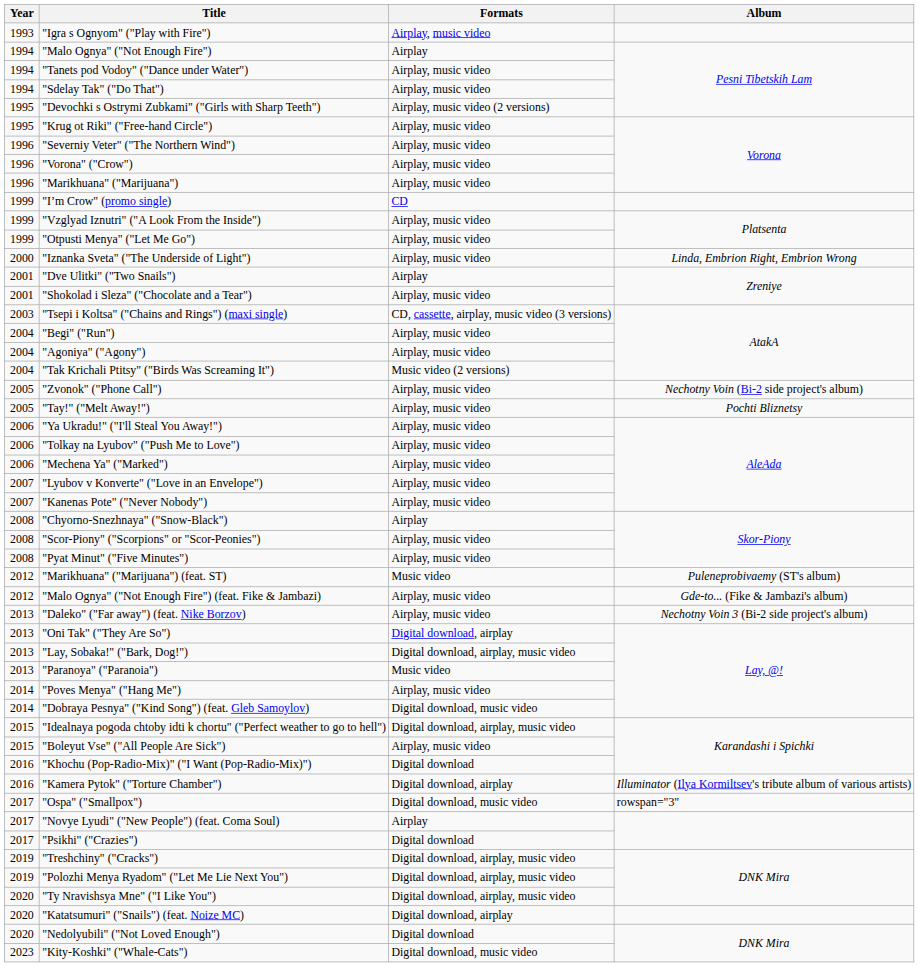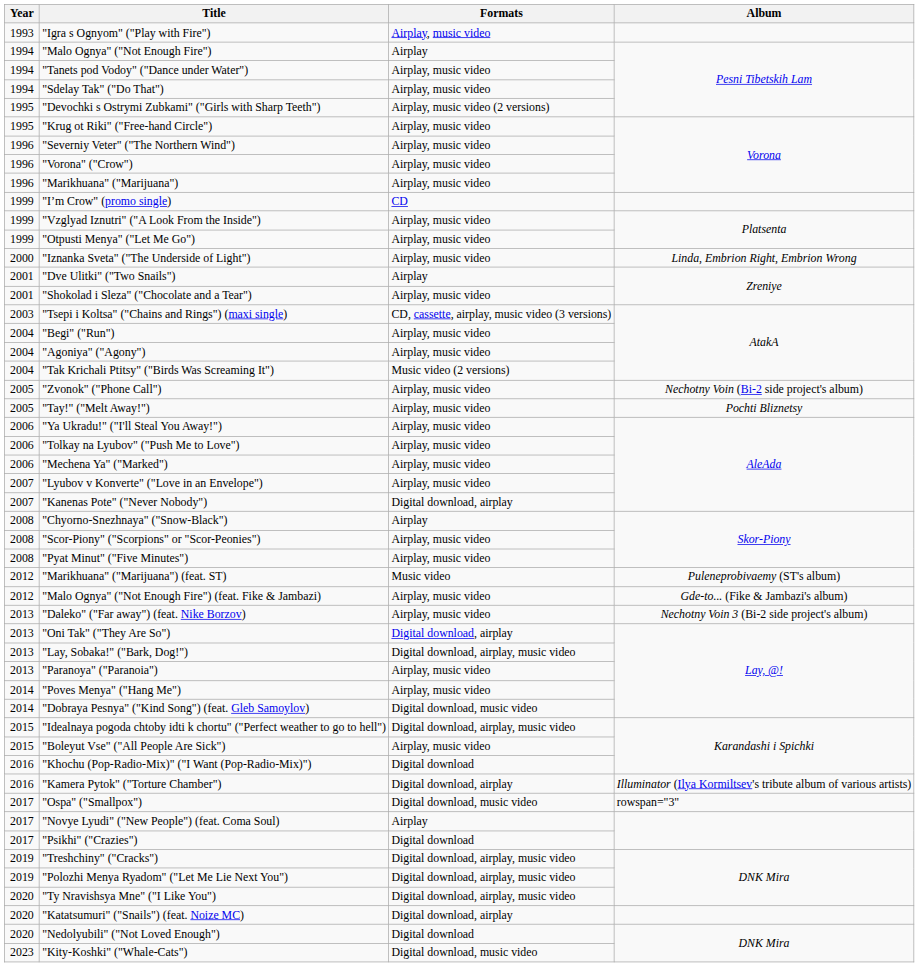 <table class="wikitable">
 <tr>
 <th align="center" valign="top" width="40">Year</th>
 <th align="left" valign="top">Title</th>
 <th align="left" valign="top">Formats</th>
 <th align="left" valign="top">Album</th>
 </tr>
 <tr>
 <td align="center" valign="center">1993</td>
 <td valign="top">"Igra s Ognyom" ("Play with Fire")</td>
 <td><a href='#'>Airplay</a>, <a href='#'>music video</a></td>
 <td></td>
 </tr>
 <tr>
 <td align="center" valign="center">1994</td>
 <td valign="top">"Malo Ognya" ("Not Enough Fire")</td>
 <td>Airplay</td>
 <td rowspan="4" align="center" valign="center"><em><a href='#'>Pesni Tibetskih Lam</a></em></td>
 </tr>
 <tr>
 <td align="center" valign="center">1994</td>
 <td valign="top">"Tanets pod Vodoy" ("Dance under Water")</td>
 <td>Airplay, music video</td>
 </tr>
 <tr>
 <td align="center" valign="center">1994</td>
 <td valign="top">"Sdelay Tak" ("Do That")</td>
 <td>Airplay, music video</td>
 </tr>
 <tr>
 <td align="center" valign="center">1995</td>
 <td valign="top">"Devochki s Ostrymi Zubkami" ("Girls with Sharp Teeth")</td>
 <td>Airplay, music video (2 versions)</td>
 </tr>
 <tr>
 <td align="center" valign="center">1995</td>
 <td valign="top">"Krug ot Riki" ("Free-hand Circle")</td>
 <td>Airplay, music video</td>
 <td rowspan="4" align="center" valign="center"><em><a href='#'>Vorona</a></em></td>
 </tr>
 <tr>
 <td align="center" valign="center">1996</td>
 <td valign="top">"Severniy Veter" ("The Northern Wind")</td>
 <td>Airplay, music video</td>
 </tr>
 <tr>
 <td align="center" valign="center">1996</td>
 <td valign="top">"Vorona" ("Crow")</td>
 <td>Airplay, music video</td>
 </tr>
 <tr>
 <td align="center" valign="center">1996</td>
 <td valign="top">"Marikhuana" ("Marijuana")</td>
 <td>Airplay, music video</td>
 </tr>
 <tr>
 <td align="center" valign="center">1999</td>
 <td valign="top">"I’m Crow" (<a href='#'>promo single</a>)</td>
 <td><a href='#'>CD</a></td>
 <td></td>
 </tr>
 <tr>
 <td align="center" valign="center">1999</td>
 <td valign="top">"Vzglyad Iznutri" ("A Look From the Inside")</td>
 <td>Airplay, music video</td>
 <td rowspan="2" align="center" valign="center"><em>Platsenta</em></td>
 </tr>
 <tr>
 <td align="center" valign="center">1999</td>
 <td valign="top">"Otpusti Menya" ("Let Me Go")</td>
 <td>Airplay, music video</td>
 </tr>
 <tr>
 <td align="center" valign="center">2000</td>
 <td valign="top">"Iznanka Sveta" ("The Underside of Light")</td>
 <td>Airplay, music video</td>
 <td rowspan="1" align="center" valign="center"><em>Linda</em>, <em>Embrion Right</em>, <em>Embrion Wrong</em></td>
 </tr>
 <tr>
 <td align="center" valign="center">2001</td>
 <td valign="top">"Dve Ulitki" ("Two Snails")</td>
 <td>Airplay</td>
 <td rowspan="2" align="center" valign="center"><em>Zreniye</em></td>
 </tr>
 <tr>
 <td align="center" valign="center">2001</td>
 <td valign="top">"Shokolad i Sleza" ("Chocolate and a Tear")</td>
 <td>Airplay, music video</td>
 </tr>
 <tr>
 <td align="center" valign="center">2003</td>
 <td valign="top">"Tsepi i Koltsa" ("Chains and Rings") (<a href='#'>maxi single</a>)</td>
 <td>CD, <a href='#'>cassette</a>, airplay, music video (3 versions)</td>
 <td rowspan="4" align="center" valign="center"><em>AtakA</em></td>
 </tr>
 <tr>
 <td align="center" valign="center">2004</td>
 <td valign="top">"Begi" ("Run")</td>
 <td>Airplay, music video</td>
 </tr>
 <tr>
 <td align="center" valign="center">2004</td>
 <td valign="top">"Agoniya" ("Agony")</td>
 <td>Airplay, music video</td>
 </tr>
 <tr>
 <td align="center" valign="center">2004</td>
 <td valign="top">"Tak Krichali Ptitsy" ("Birds Was Screaming It")</td>
 <td>Music video (2 versions)</td>
 </tr>
 <tr>
 <td align="center" valign="center">2005</td>
 <td valign="top">"Zvonok" ("Phone Call")</td>
 <td>Airplay, music video</td>
 <td rowspan="1" align="center" valign="center"><em>Nechotny Voin</em> (<a href='#'>Bi-2</a> side project's album)</td>
 </tr>
 <tr>
 <td align="center" valign="center">2005</td>
 <td valign="top">"Tay!" ("Melt Away!")</td>
 <td>Airplay, music video</td>
 <td rowspan="1" align="center" valign="center"><em>Pochti Bliznetsy</em></td>
 </tr>
 <tr>
 <td align="center" valign="center">2006</td>
 <td valign="top">"Ya Ukradu!" ("I'll Steal You Away!")</td>
 <td>Airplay, music video</td>
 <td rowspan="5" align="center" valign="center"><em><a href='#'>AleAda</a></em></td>
 </tr>
 <tr>
 <td align="center" valign="center">2006</td>
 <td valign="top">"Tolkay na Lyubov" ("Push Me to Love")</td>
 <td>Airplay, music video</td>
 </tr>
 <tr>
 <td align="center" valign="center">2006</td>
 <td valign="top">"Mechena Ya" ("Marked")</td>
 <td>Airplay, music video</td>
 </tr>
 <tr>
 <td align="center" valign="center">2007</td>
 <td valign="top">"Lyubov v Konverte" ("Love in an Envelope")</td>
 <td>Airplay, music video</td>
 </tr>
 <tr>
 <td align="center" valign="center">2007</td>
 <td valign="top">"Kanenas Pote" ("Never Nobody")</td>
-<td>Airplay, music video</td>
+<td>Digital download, airplay</td>
 </tr>
 <tr>
 <td align="center" valign="center">2008</td>
 <td valign="top">"Chyorno-Snezhnaya" ("Snow-Black")</td>
 <td>Airplay</td>
 <td rowspan="3" align="center" valign="center"><em><a href='#'>Skor-Piony</a></em></td>
 </tr>
 <tr>
 <td align="center" valign="center">2008</td>
 <td valign="top">"Scor-Piony" ("Scorpions" or "Scor-Peonies")</td>
 <td>Airplay, music video</td>
 </tr>
 <tr>
 <td align="center" valign="center">2008</td>
 <td valign="top">"Pyat Minut" ("Five Minutes")</td>
 <td>Airplay, music video</td>
 </tr>
 <tr>
 <td align="center" valign="center">2012</td>
 <td valign="top">"Marikhuana" ("Marijuana") (feat. ST)</td>
 <td>Music video</td>
 <td rowspan="1" align="center" valign="center"><em>Puleneprobivaemy</em> (ST's album)</td>
 </tr>
 <tr>
 <td align="center" valign="center">2012</td>
 <td valign="top">"Malo Ognya" ("Not Enough Fire") (feat. Fike & Jambazi)</td>
 <td>Airplay, music video</td>
 <td rowspan="1" align="center" valign="center"><em>Gde-to...</em> (Fike & Jambazi's album)</td>
 </tr>
 <tr>
 <td align="center" valign="center">2013</td>
 <td valign="top">"Daleko" ("Far away") (feat. <a href='#'>Nike Borzov</a>)</td>
 <td>Airplay, music video</td>
 <td rowspan="1" align="center" valign="center"><em>Nechotny Voin 3</em> (Bi-2 side project's album)</td>
 </tr>
 <tr>
 <td align="center" valign="center">2013</td>
 <td valign="top">"Oni Tak" ("They Are So")</td>
 <td><a href='#'>Digital download</a>, airplay</td>
 <td rowspan="5" align="center" valign="center"><em><a href='#'>Lay, @!</a></em></td>
 </tr>
 <tr>
 <td align="center" valign="center">2013</td>
 <td valign="top">"Lay, Sobaka!" ("Bark, Dog!")</td>
 <td>Digital download, airplay, music video</td>
 </tr>
 <tr>
 <td align="center" valign="center">2013</td>
 <td valign="top">"Paranoya" ("Paranoia")</td>
-<td>Music video</td>
+<td>Airplay, music video</td>
 </tr>
 <tr>
 <td align="center" valign="center">2014</td>
 <td valign="top">"Poves Menya" ("Hang Me")</td>
 <td>Airplay, music video</td>
 </tr>
 <tr>
 <td align="center" valign="center">2014</td>
 <td valign="top">"Dobraya Pesnya" ("Kind Song") (feat. <a href='#'>Gleb Samoylov</a>)</td>
 <td>Digital download, music video</td>
 </tr>
 <tr>
 <td align="center" valign="center">2015</td>
 <td valign="top">"Idealnaya pogoda chtoby idti k chortu" ("Perfect weather to go to hell")</td>
 <td>Digital download, airplay, music video</td>
 <td rowspan="3" align="center" valign="center"><em>Karandashi i Spichki</em></td>
 </tr>
 <tr>
 <td align="center" valign="center">2015</td>
 <td valign="top">"Boleyut Vse" ("All People Are Sick")</td>
 <td>Airplay, music video</td>
 </tr>
 <tr>
 <td align="center" valign="center">2016</td>
 <td valign="top">"Khochu (Pop-Radio-Mix)" ("I Want (Pop-Radio-Mix)")</td>
 <td>Digital download</td>
 </tr>
 <tr>
 <td align="center" valign="center">2016</td>
 <td valign="top">"Kamera Pytok" ("Torture Chamber")</td>
 <td>Digital download, airplay</td>
 <td align="center" valign="center"><em>Illuminator</em> (<a href='#'>Ilya Kormiltsev</a>'s tribute album of various artists)</td>
 </tr>
 <tr>
 <td align="center" valign="center">2017</td>
 <td valign="top">"Ospa" ("Smallpox")</td>
 <td>Digital download, music video</td>
 <td>rowspan="3" </td>
 </tr>
 <tr>
 <td align="center" valign="center">2017</td>
 <td valign="top">"Novye Lyudi" ("New People") (feat. Coma Soul)</td>
 <td>Airplay</td>
 </tr>
 <tr>
 <td align="center" valign="center">2017</td>
 <td valign="top">"Psikhi" ("Crazies")</td>
 <td>Digital download</td>
 </tr>
 <tr>
 <td align="center" valign="center">2019</td>
 <td valign="top">"Treshchiny" ("Cracks")</td>
 <td>Digital download, airplay, music video</td>
 <td rowspan="3" align="center" valign="center"><em>DNK Mira</em></td>
 </tr>
 <tr>
 <td align="center" valign="center">2019</td>
 <td valign="top">"Polozhi Menya Ryadom" ("Let Me Lie Next You")</td>
 <td>Digital download, airplay, music video</td>
 </tr>
 <tr>
 <td align="center" valign="center">2020</td>
 <td valign="top">"Ty Nravishsya Mne" ("I Like You")</td>
 <td>Digital download, airplay, music video</td>
 </tr>
 <tr>
 <td align="center" valign="center">2020</td>
 <td valign="top">"Katatsumuri" ("Snails") (feat. <a href='#'>Noize MC</a>)</td>
 <td>Digital download, airplay</td>
 <td></td>
 </tr>
 <tr>
 <td align="center" valign="center">2020</td>
 <td valign="top">"Nedolyubili" ("Not Loved Enough")</td>
 <td>Digital download</td>
 <td rowspan="2" align="center" valign="center"><em>DNK Mira</em></td>
 </tr>
 <tr>
 <td align="center" valign="center">2023</td>
 <td valign="top">"Kity-Koshki" ("Whale-Cats")</td>
 <td>Digital download, music video</td>
 </tr>
 </table>
